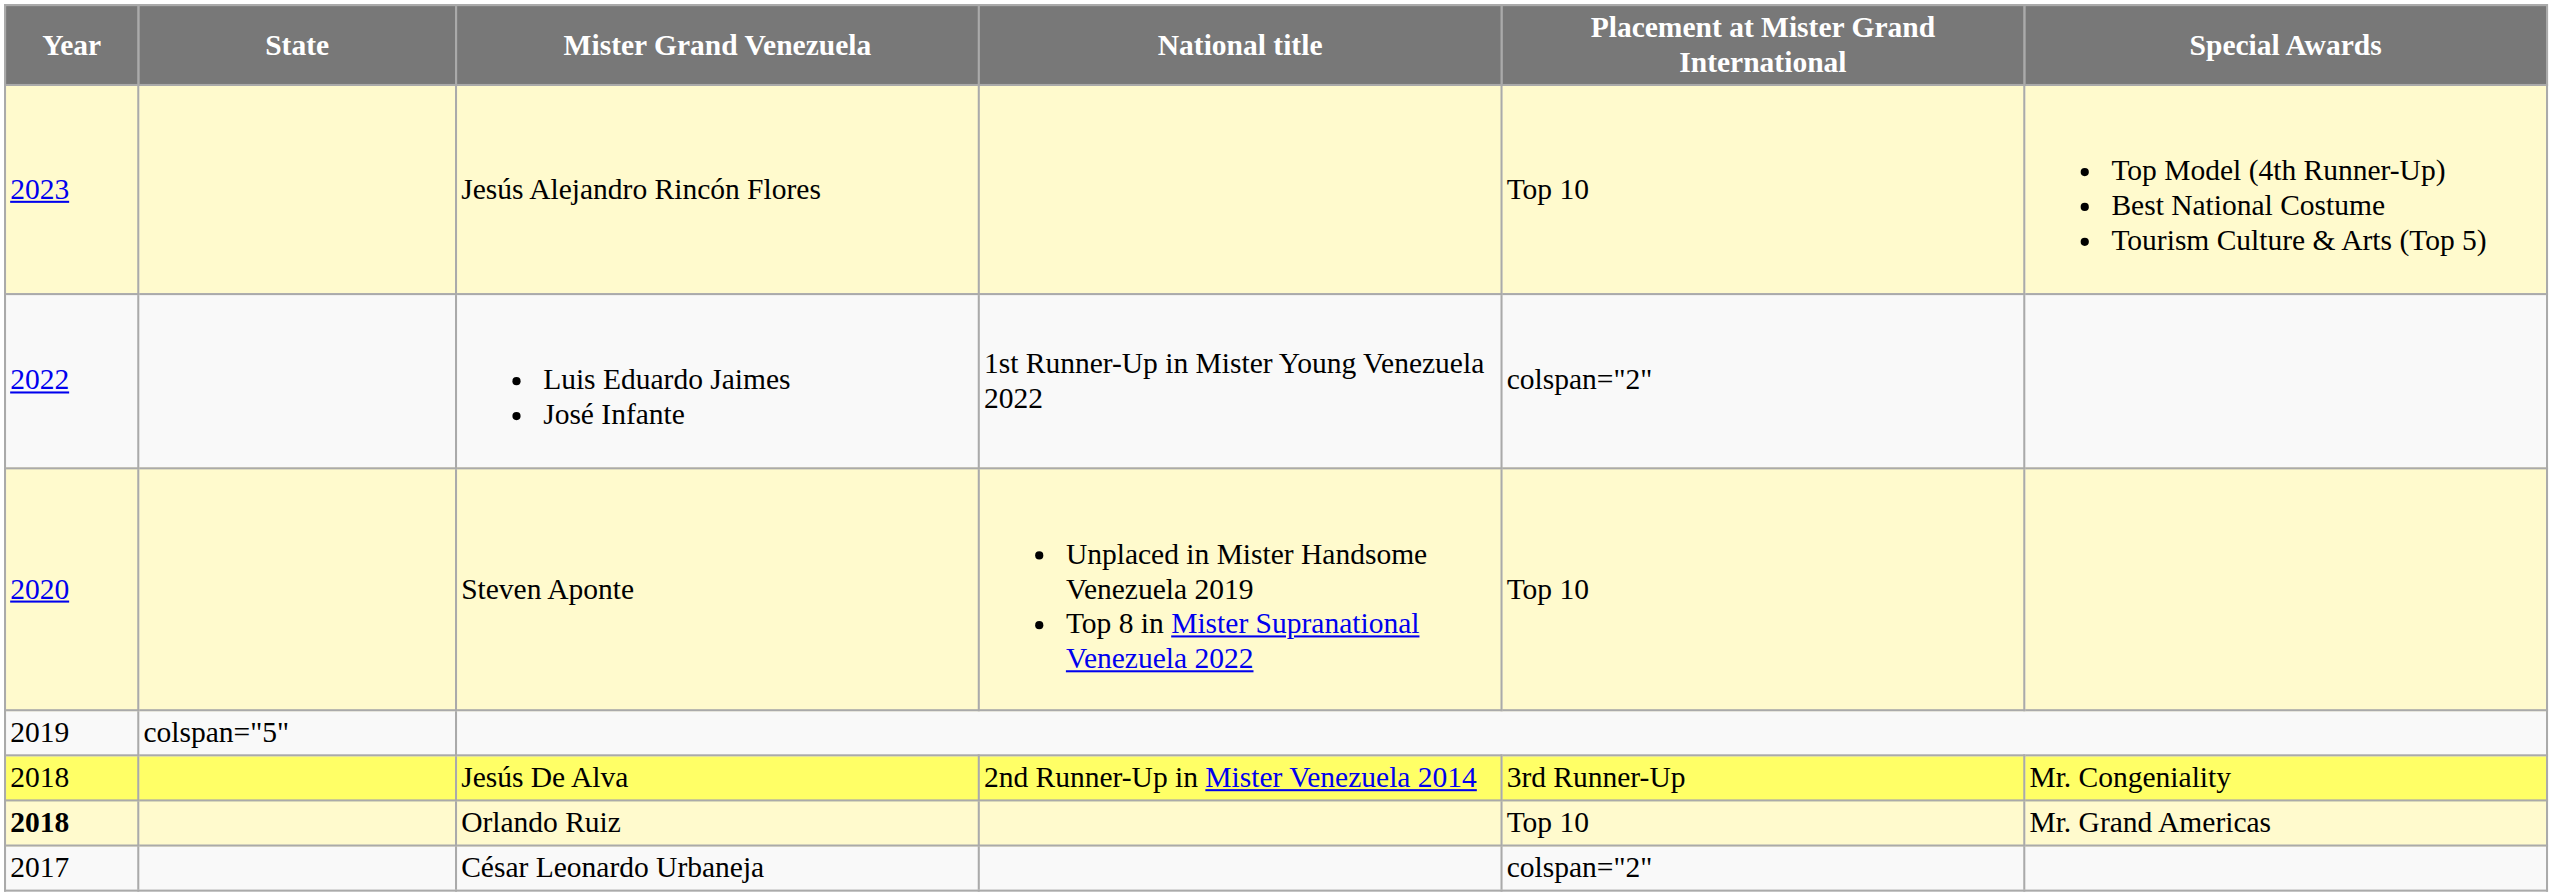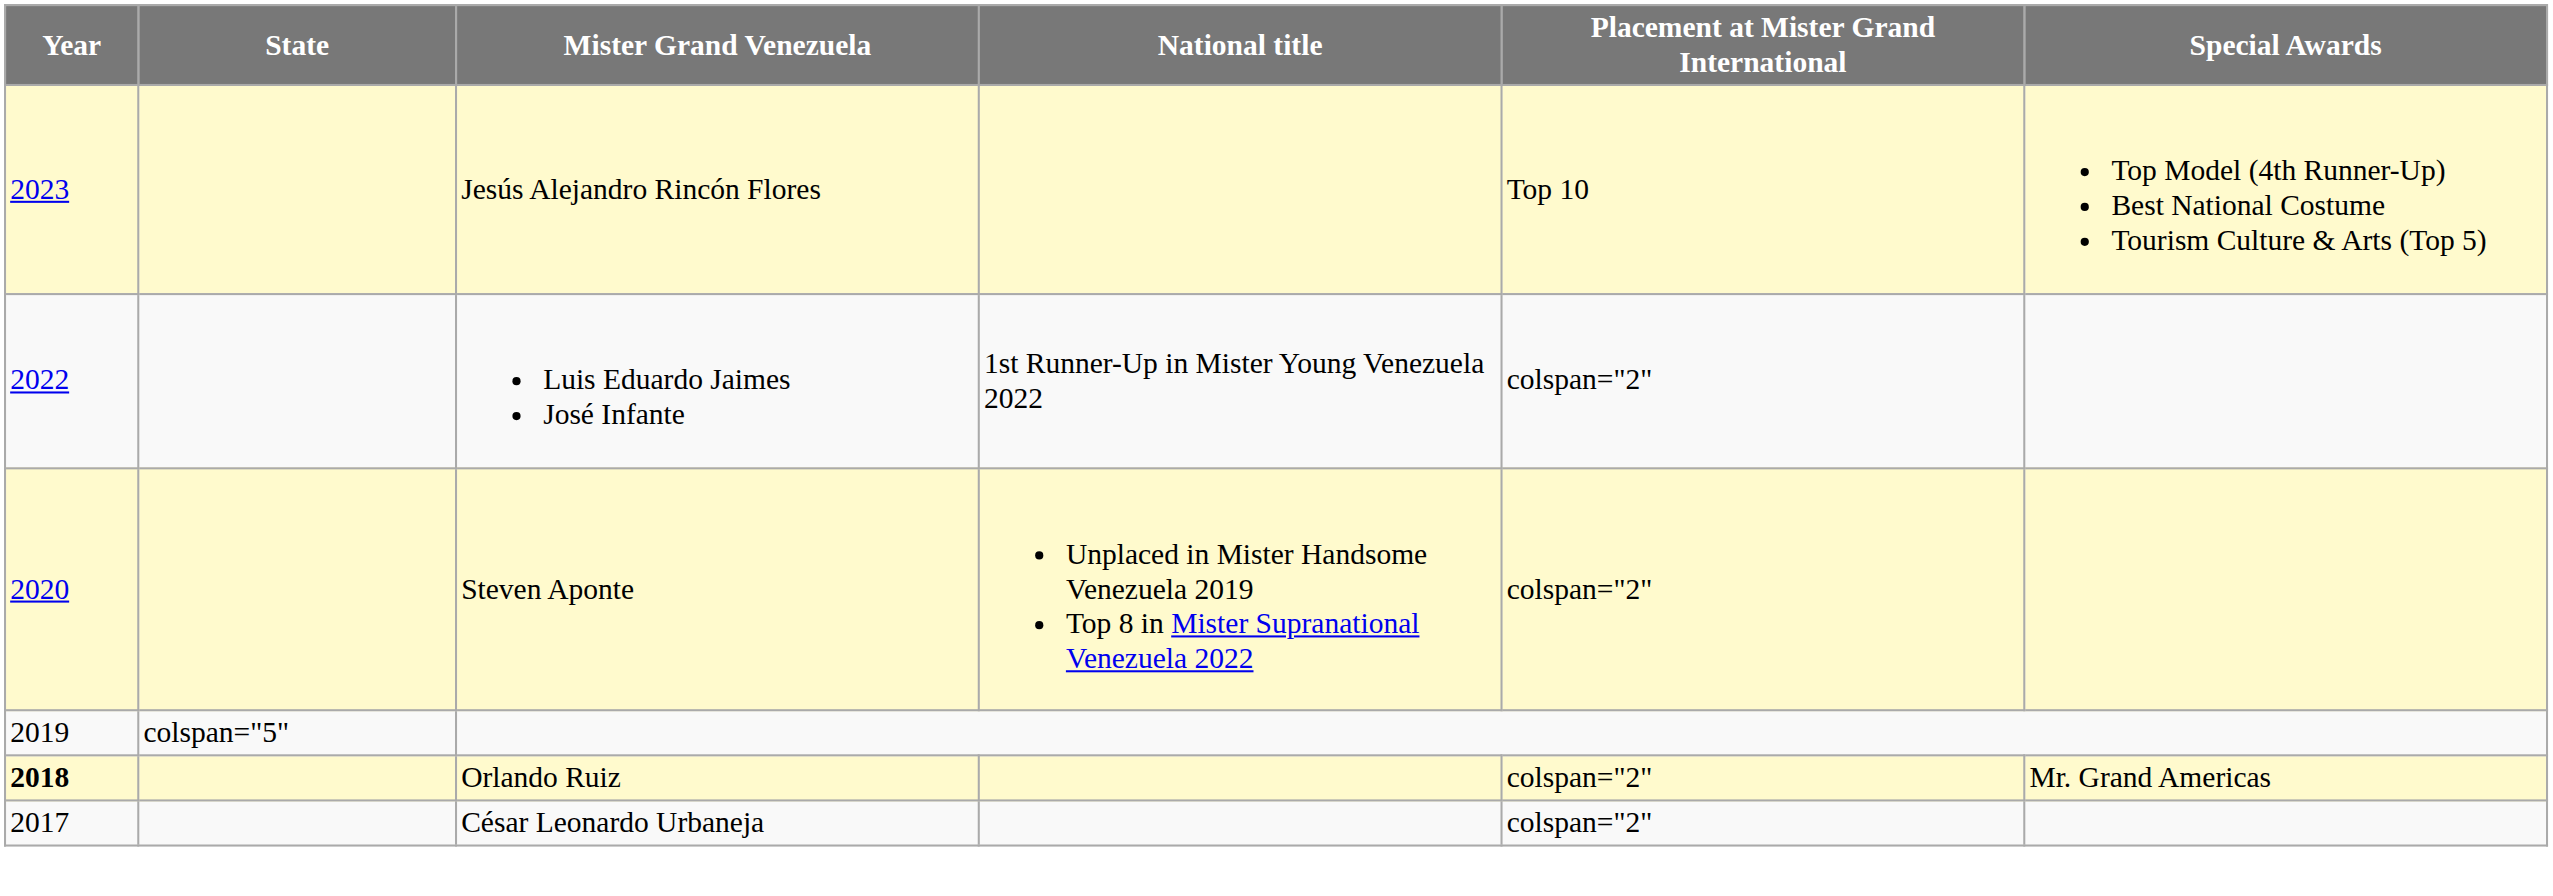 <table class="sortable" border="5" cellpadding="2" cellspacing="0" align=" 0 1em 0 0" style="background: #f9f9f9; border: 1px #aaa solid; border-collapse: collapse; font-size: 90%">
 <tr>
 <th width="60" style="background-color:#787878;color:#FFFFFF;">Year</th>
 <th width="150" style="background-color:#787878;color:#FFFFFF;">State</th>
 <th width="250" style="background-color:#787878;color:#FFFFFF;">Mister Grand Venezuela</th>
 <th width="250" style="background-color:#787878;color:#FFFFFF;">National title</th>
 <th width="250" style="background-color:#787878;color:#FFFFFF;">Placement at Mister Grand International</th>
 <th width="250" style="background-color:#787878;color:#FFFFFF;">Special Awards</th>
 </tr>
 <tr bgcolor="#FFFACD">
 <td><a href='#'>2023</a></td>
 <td></td>
 <td>Jesús Alejandro Rincón Flores</td>
 <td></td>
 <td>Top 10</td>
 <td><br><ul><li>Top Model (4th Runner-Up)</li><li>Best National Costume</li><li>Tourism Culture & Arts (Top 5)</li></ul></td>
 </tr>
 <tr>
 <td><a href='#'>2022</a></td>
 <td></td>
 <td><br><ul><li>Luis Eduardo Jaimes</li><li>José Infante</li></ul></td>
 <td>1st Runner-Up in Mister Young Venezuela 2022</td>
 <td>colspan="2" </td>
 </tr>
 <tr bgcolor="#FFFACD">
 <td><a href='#'>2020</a></td>
 <td></td>
 <td>Steven Aponte</td>
 <td><br><ul><li>Unplaced in Mister Handsome Venezuela 2019</li><li>Top 8 in <a href='#'>Mister Supranational Venezuela 2022</a></li></ul></td>
-<td>Top 10</td>
+<td>colspan="2" </td>
 <td></td>
 </tr>
 <tr>
 <td>2019</td>
 <td>colspan="5" </td>
 </tr>
-<tr bgcolor="#FFFF66">
-<td>2018</td>
-<td></td>
-<td>Jesús De Alva</td>
-<td>2nd Runner-Up in <a href='#'>Mister Venezuela 2014</a></td>
-<td>3rd Runner-Up</td>
-<td>Mr. Congeniality</td>
-</tr>
 <tr bgcolor="#FFFACD">
 <td><strong>2018</strong></td>
 <td></td>
 <td>Orlando Ruiz</td>
 <td></td>
-<td>Top 10</td>
+<td>colspan="2" </td>
 <td>Mr. Grand Americas</td>
 </tr>
 <tr>
 <td>2017</td>
 <td></td>
 <td>César Leonardo Urbaneja</td>
 <td></td>
 <td>colspan="2" </td>
 </tr>
 </table>
